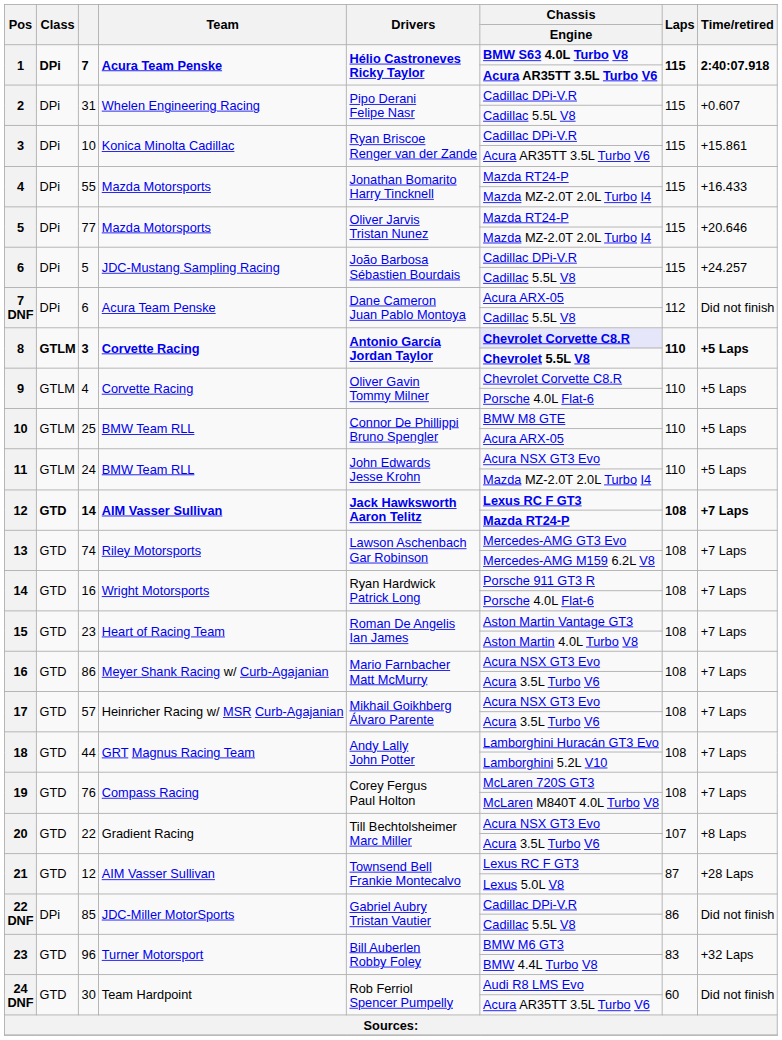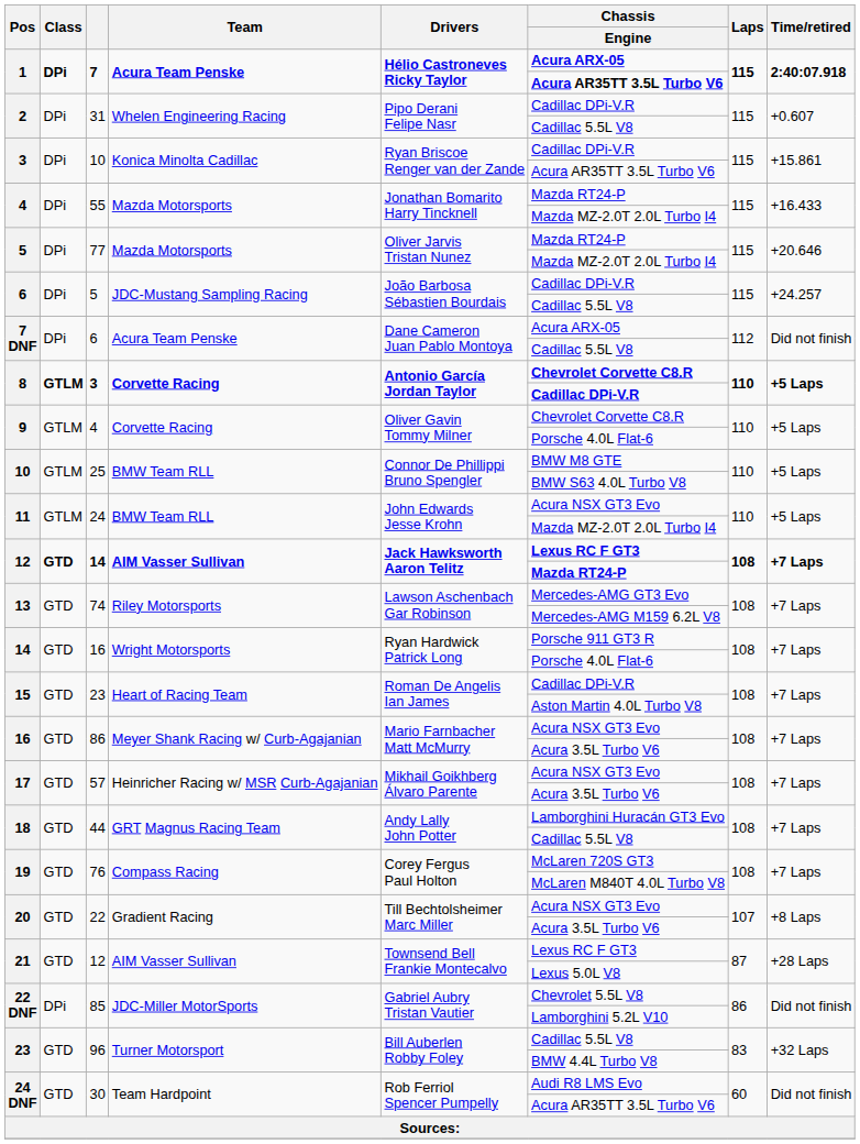 <table class="wikitable" style="font-size: 95%;">
 <tr>
 <th rowspan=2>Pos</th>
 <th rowspan=2>Class</th>
 <th rowspan=2></th>
 <th rowspan=2>Team</th>
 <th rowspan=2>Drivers</th>
 <th>Chassis</th>
 <th rowspan=2>Laps</th>
 <th rowspan=2>Time/retired</th>
 </tr>
 <tr>
 <th>Engine</th>
 </tr>
 <tr style="font-weight:bold">
 <th rowspan=2>1</th>
 <td rowspan=2>DPi</td>
 <td rowspan=2>7</td>
 <td rowspan=2> <a href='#'>Acura Team Penske</a></td>
 <td rowspan=2> <a href='#'>Hélio Castroneves</a><br> <a href='#'>Ricky Taylor</a></td>
-<td><a href='#'>BMW S63</a> 4.0L <a href='#'>Turbo</a> <a href='#'>V8</a></td>
+<td><a href='#'>Acura ARX-05</a></td>
 <td rowspan=2>115</td>
 <td rowspan=2>2:40:07.918</td>
 </tr>
 <tr style="font-weight:bold">
 <td><a href='#'>Acura</a> AR35TT 3.5L <a href='#'>Turbo</a> <a href='#'>V6</a></td>
 </tr>
 <tr>
 <th rowspan=2>2</th>
 <td rowspan=2>DPi</td>
 <td rowspan=2>31</td>
 <td rowspan=2> <a href='#'>Whelen Engineering Racing</a></td>
 <td rowspan=2> <a href='#'>Pipo Derani</a><br> <a href='#'>Felipe Nasr</a></td>
 <td><a href='#'>Cadillac DPi-V.R</a></td>
 <td rowspan=2>115</td>
 <td rowspan=2>+0.607</td>
 </tr>
 <tr>
 <td><a href='#'>Cadillac</a> 5.5L <a href='#'>V8</a></td>
 </tr>
 <tr>
 <th rowspan=2>3</th>
 <td rowspan=2>DPi</td>
 <td rowspan=2>10</td>
 <td rowspan=2> <a href='#'>Konica Minolta Cadillac</a></td>
 <td rowspan=2> <a href='#'>Ryan Briscoe</a><br> <a href='#'>Renger van der Zande</a></td>
 <td><a href='#'>Cadillac DPi-V.R</a></td>
 <td rowspan=2>115</td>
 <td rowspan=2>+15.861</td>
 </tr>
 <tr>
 <td><a href='#'>Acura</a> AR35TT 3.5L <a href='#'>Turbo</a> <a href='#'>V6</a></td>
 </tr>
 <tr>
 <th rowspan=2>4</th>
 <td rowspan=2>DPi</td>
 <td rowspan=2>55</td>
 <td rowspan=2> <a href='#'>Mazda Motorsports</a></td>
 <td rowspan=2> <a href='#'>Jonathan Bomarito</a><br> <a href='#'>Harry Tincknell</a></td>
 <td><a href='#'>Mazda RT24-P</a></td>
 <td rowspan=2>115</td>
 <td rowspan=2>+16.433</td>
 </tr>
 <tr>
 <td><a href='#'>Mazda</a> MZ-2.0T 2.0L <a href='#'>Turbo</a> <a href='#'>I4</a></td>
 </tr>
 <tr>
 <th rowspan=2>5</th>
 <td rowspan=2>DPi</td>
 <td rowspan=2>77</td>
 <td rowspan=2> <a href='#'>Mazda Motorsports</a></td>
 <td rowspan=2> <a href='#'>Oliver Jarvis</a><br> <a href='#'>Tristan Nunez</a></td>
 <td><a href='#'>Mazda RT24-P</a></td>
 <td rowspan=2>115</td>
 <td rowspan=2>+20.646</td>
 </tr>
 <tr>
 <td><a href='#'>Mazda</a> MZ-2.0T 2.0L <a href='#'>Turbo</a> <a href='#'>I4</a></td>
 </tr>
 <tr>
 <th rowspan=2>6</th>
 <td rowspan=2>DPi</td>
 <td rowspan=2>5</td>
 <td rowspan=2> <a href='#'>JDC-Mustang Sampling Racing</a></td>
 <td rowspan=2> <a href='#'>João Barbosa</a><br> <a href='#'>Sébastien Bourdais</a></td>
 <td><a href='#'>Cadillac DPi-V.R</a></td>
 <td rowspan=2>115</td>
 <td rowspan=2>+24.257</td>
 </tr>
 <tr>
 <td><a href='#'>Cadillac</a> 5.5L <a href='#'>V8</a></td>
 </tr>
 <tr>
 <th rowspan=2>7<br>DNF</th>
 <td rowspan=2>DPi</td>
 <td rowspan=2>6</td>
 <td rowspan=2> <a href='#'>Acura Team Penske</a></td>
 <td rowspan=2> <a href='#'>Dane Cameron</a><br> <a href='#'>Juan Pablo Montoya</a></td>
 <td><a href='#'>Acura ARX-05</a></td>
 <td rowspan=2>112</td>
 <td rowspan=2>Did not finish</td>
 </tr>
 <tr>
 <td><a href='#'>Cadillac</a> 5.5L <a href='#'>V8</a></td>
 </tr>
 <tr style="font-weight:bold">
 <th rowspan=2>8</th>
 <td rowspan=2>GTLM</td>
 <td rowspan=2>3</td>
 <td rowspan=2> <a href='#'>Corvette Racing</a></td>
 <td rowspan=2> <a href='#'>Antonio García</a><br> <a href='#'>Jordan Taylor</a></td>
-<td style="background: lavender;"><a href='#'>Chevrolet Corvette C8.R</a></td>
+<td><a href='#'>Chevrolet Corvette C8.R</a></td>
 <td rowspan=2>110</td>
 <td rowspan=2>+5 Laps</td>
 </tr>
 <tr style="font-weight:bold">
-<td><a href='#'>Chevrolet</a> 5.5L <a href='#'>V8</a></td>
+<td><a href='#'>Cadillac DPi-V.R</a></td>
 </tr>
 <tr>
 <th rowspan=2>9</th>
 <td rowspan=2>GTLM</td>
 <td rowspan=2>4</td>
 <td rowspan=2> <a href='#'>Corvette Racing</a></td>
 <td rowspan=2> <a href='#'>Oliver Gavin</a><br> <a href='#'>Tommy Milner</a></td>
 <td><a href='#'>Chevrolet Corvette C8.R</a></td>
 <td rowspan=2>110</td>
 <td rowspan=2>+5 Laps</td>
 </tr>
 <tr>
 <td><a href='#'>Porsche</a> 4.0L <a href='#'>Flat-6</a></td>
 </tr>
 <tr>
 <th rowspan=2>10</th>
 <td rowspan=2>GTLM</td>
 <td rowspan=2>25</td>
 <td rowspan=2> <a href='#'>BMW Team RLL</a></td>
 <td rowspan=2> <a href='#'>Connor De Phillippi</a><br> <a href='#'>Bruno Spengler</a></td>
 <td><a href='#'>BMW M8 GTE</a></td>
 <td rowspan=2>110</td>
 <td rowspan=2>+5 Laps</td>
 </tr>
 <tr>
-<td><a href='#'>Acura ARX-05</a></td>
+<td><a href='#'>BMW S63</a> 4.0L <a href='#'>Turbo</a> <a href='#'>V8</a></td>
 </tr>
 <tr>
 <th rowspan=2>11</th>
 <td rowspan=2>GTLM</td>
 <td rowspan=2>24</td>
 <td rowspan=2> <a href='#'>BMW Team RLL</a></td>
 <td rowspan=2> <a href='#'>John Edwards</a><br> <a href='#'>Jesse Krohn</a></td>
 <td><a href='#'>Acura NSX GT3 Evo</a></td>
 <td rowspan=2>110</td>
 <td rowspan=2>+5 Laps</td>
 </tr>
 <tr>
 <td><a href='#'>Mazda</a> MZ-2.0T 2.0L <a href='#'>Turbo</a> <a href='#'>I4</a></td>
 </tr>
 <tr style="font-weight:bold">
 <th rowspan=2>12</th>
 <td rowspan=2>GTD</td>
 <td rowspan=2>14</td>
 <td rowspan=2> <a href='#'>AIM Vasser Sullivan</a></td>
 <td rowspan=2> <a href='#'>Jack Hawksworth</a><br> <a href='#'>Aaron Telitz</a></td>
 <td><a href='#'>Lexus RC F GT3</a></td>
 <td rowspan=2>108</td>
 <td rowspan=2>+7 Laps</td>
 </tr>
 <tr style="font-weight:bold">
 <td><a href='#'>Mazda RT24-P</a></td>
 </tr>
 <tr>
 <th rowspan=2>13</th>
 <td rowspan=2>GTD</td>
 <td rowspan=2>74</td>
 <td rowspan=2> <a href='#'>Riley Motorsports</a></td>
 <td rowspan=2> <a href='#'>Lawson Aschenbach</a><br> <a href='#'>Gar Robinson</a></td>
 <td><a href='#'>Mercedes-AMG GT3 Evo</a></td>
 <td rowspan=2>108</td>
 <td rowspan=2>+7 Laps</td>
 </tr>
 <tr>
 <td><a href='#'>Mercedes-AMG M159</a> 6.2L <a href='#'>V8</a></td>
 </tr>
 <tr>
 <th rowspan=2>14</th>
 <td rowspan=2>GTD</td>
 <td rowspan=2>16</td>
 <td rowspan=2> <a href='#'>Wright Motorsports</a></td>
 <td rowspan=2> Ryan Hardwick<br> <a href='#'>Patrick Long</a></td>
 <td><a href='#'>Porsche 911 GT3 R</a></td>
 <td rowspan=2>108</td>
 <td rowspan=2>+7 Laps</td>
 </tr>
 <tr>
 <td><a href='#'>Porsche</a> 4.0L <a href='#'>Flat-6</a></td>
 </tr>
 <tr>
 <th rowspan=2>15</th>
 <td rowspan=2>GTD</td>
 <td rowspan=2>23</td>
 <td rowspan=2> <a href='#'>Heart of Racing Team</a></td>
 <td rowspan=2> <a href='#'>Roman De Angelis</a><br> <a href='#'>Ian James</a></td>
-<td><a href='#'>Aston Martin Vantage GT3</a></td>
+<td><a href='#'>Cadillac DPi-V.R</a></td>
 <td rowspan=2>108</td>
 <td rowspan=2>+7 Laps</td>
 </tr>
 <tr>
 <td><a href='#'>Aston Martin</a> 4.0L <a href='#'>Turbo</a> <a href='#'>V8</a></td>
 </tr>
 <tr>
 <th rowspan=2>16</th>
 <td rowspan=2>GTD</td>
 <td rowspan=2>86</td>
 <td rowspan=2> <a href='#'>Meyer Shank Racing</a> w/ <a href='#'>Curb-Agajanian</a></td>
 <td rowspan=2> <a href='#'>Mario Farnbacher</a><br> <a href='#'>Matt McMurry</a></td>
 <td><a href='#'>Acura NSX GT3 Evo</a></td>
 <td rowspan=2>108</td>
 <td rowspan=2>+7 Laps</td>
 </tr>
 <tr>
 <td><a href='#'>Acura</a> 3.5L <a href='#'>Turbo</a> <a href='#'>V6</a></td>
 </tr>
 <tr>
 <th rowspan=2>17</th>
 <td rowspan=2>GTD</td>
 <td rowspan=2>57</td>
 <td rowspan=2> Heinricher Racing w/ <a href='#'>MSR</a> <a href='#'>Curb-Agajanian</a></td>
 <td rowspan=2> <a href='#'>Mikhail Goikhberg</a><br> <a href='#'>Álvaro Parente</a></td>
 <td><a href='#'>Acura NSX GT3 Evo</a></td>
 <td rowspan=2>108</td>
 <td rowspan=2>+7 Laps</td>
 </tr>
 <tr>
 <td><a href='#'>Acura</a> 3.5L <a href='#'>Turbo</a> <a href='#'>V6</a></td>
 </tr>
 <tr>
 <th rowspan=2>18</th>
 <td rowspan=2>GTD</td>
 <td rowspan=2>44</td>
 <td rowspan=2> <a href='#'>GRT</a> <a href='#'>Magnus Racing Team</a></td>
 <td rowspan=2> <a href='#'>Andy Lally</a><br> <a href='#'>John Potter</a></td>
 <td><a href='#'>Lamborghini Huracán GT3 Evo</a></td>
 <td rowspan=2>108</td>
 <td rowspan=2>+7 Laps</td>
 </tr>
 <tr>
-<td><a href='#'>Lamborghini</a> 5.2L <a href='#'>V10</a></td>
+<td><a href='#'>Cadillac</a> 5.5L <a href='#'>V8</a></td>
 </tr>
 <tr>
 <th rowspan=2>19</th>
 <td rowspan=2>GTD</td>
 <td rowspan=2>76</td>
 <td rowspan=2> <a href='#'>Compass Racing</a></td>
 <td rowspan=2> Corey Fergus<br> Paul Holton</td>
 <td><a href='#'>McLaren 720S GT3</a></td>
 <td rowspan=2>108</td>
 <td rowspan=2>+7 Laps</td>
 </tr>
 <tr>
 <td><a href='#'>McLaren</a> M840T 4.0L <a href='#'>Turbo</a> <a href='#'>V8</a></td>
 </tr>
 <tr>
 <th rowspan=2>20</th>
 <td rowspan=2>GTD</td>
 <td rowspan=2>22</td>
 <td rowspan=2> Gradient Racing</td>
 <td rowspan=2> Till Bechtolsheimer<br> <a href='#'>Marc Miller</a></td>
 <td><a href='#'>Acura NSX GT3 Evo</a></td>
 <td rowspan=2>107</td>
 <td rowspan=2>+8 Laps</td>
 </tr>
 <tr>
 <td><a href='#'>Acura</a> 3.5L <a href='#'>Turbo</a> <a href='#'>V6</a></td>
 </tr>
 <tr>
 <th rowspan=2>21</th>
 <td rowspan=2>GTD</td>
 <td rowspan=2>12</td>
 <td rowspan=2> <a href='#'>AIM Vasser Sullivan</a></td>
 <td rowspan=2> <a href='#'>Townsend Bell</a><br> <a href='#'>Frankie Montecalvo</a></td>
 <td><a href='#'>Lexus RC F GT3</a></td>
 <td rowspan=2>87</td>
 <td rowspan=2>+28 Laps</td>
 </tr>
 <tr>
 <td><a href='#'>Lexus</a> 5.0L <a href='#'>V8</a></td>
 </tr>
 <tr>
 <th rowspan=2>22<br>DNF</th>
 <td rowspan=2>DPi</td>
 <td rowspan=2>85</td>
 <td rowspan=2> <a href='#'>JDC-Miller MotorSports</a></td>
 <td rowspan=2> <a href='#'>Gabriel Aubry</a><br> <a href='#'>Tristan Vautier</a></td>
-<td><a href='#'>Cadillac DPi-V.R</a></td>
+<td><a href='#'>Chevrolet</a> 5.5L <a href='#'>V8</a></td>
 <td rowspan=2>86</td>
 <td rowspan=2>Did not finish</td>
 </tr>
 <tr>
-<td><a href='#'>Cadillac</a> 5.5L <a href='#'>V8</a></td>
+<td><a href='#'>Lamborghini</a> 5.2L <a href='#'>V10</a></td>
 </tr>
 <tr>
 <th rowspan=2>23</th>
 <td rowspan=2>GTD</td>
 <td rowspan=2>96</td>
 <td rowspan=2> <a href='#'>Turner Motorsport</a></td>
 <td rowspan=2> <a href='#'>Bill Auberlen</a><br> <a href='#'>Robby Foley</a></td>
-<td><a href='#'>BMW M6 GT3</a></td>
+<td><a href='#'>Cadillac</a> 5.5L <a href='#'>V8</a></td>
 <td rowspan=2>83</td>
 <td rowspan=2>+32 Laps</td>
 </tr>
 <tr>
 <td><a href='#'>BMW</a> 4.4L <a href='#'>Turbo</a> <a href='#'>V8</a></td>
 </tr>
 <tr>
 <th rowspan=2>24<br>DNF</th>
 <td rowspan=2>GTD</td>
 <td rowspan=2>30</td>
 <td rowspan=2> Team Hardpoint</td>
 <td rowspan=2> Rob Ferriol<br> <a href='#'>Spencer Pumpelly</a></td>
 <td><a href='#'>Audi R8 LMS Evo</a></td>
 <td rowspan=2>60</td>
 <td rowspan=2>Did not finish</td>
 </tr>
 <tr>
 <td><a href='#'>Acura</a> AR35TT 3.5L <a href='#'>Turbo</a> <a href='#'>V6</a></td>
 </tr>
 <tr>
 <th colspan=8 align=center>Sources:</th>
 </tr>
 <tr>
 </tr>
 </table>
